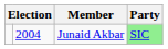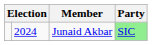 <table class="wikitable">
 <tr>
 <th colspan="2">Election</th>
 <th>Member</th>
 <th>Party</th>
 </tr>
 <tr>
 <td style="background-color: "></td>
-<td><a href='#'>2004</a></td>
+<td><a href='#'>2024</a></td>
 <td><a href='#'>Junaid Akbar</a></td>
 <td style="background: lightgreen;"><a href='#'>SIC</a></td>
 </tr>
 </table>
